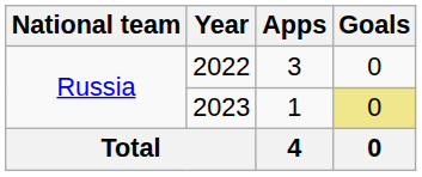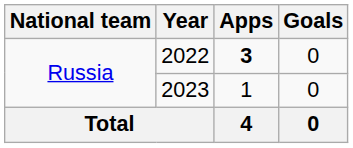 <table class="wikitable" style="text-align:center">
 <tr>
 <th>National team</th>
 <th>Year</th>
 <th>Apps</th>
 <th>Goals</th>
 </tr>
 <tr>
 <td rowspan="2"><a href='#'>Russia</a></td>
 <td>2022</td>
-<td>3</td>
+<td><strong>3</strong></td>
 <td>0</td>
 </tr>
 <tr>
 <td>2023</td>
 <td>1</td>
-<td style="background: khaki;">0</td>
+<td>0</td>
 </tr>
 <tr>
 <th colspan="2">Total</th>
 <th>4</th>
 <th>0</th>
 </tr>
 </table>
